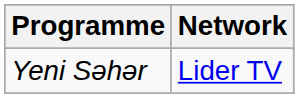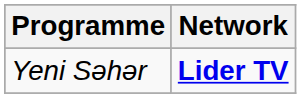 <table class="wikitable">
 <tr>
 <th>Programme</th>
 <th>Network</th>
 </tr>
 <tr>
 <td><em>Yeni Səhər</em></td>
-<td><a href='#'>Lider TV</a></td>
+<td><strong><a href='#'>Lider TV</a></strong></td>
 </tr>
 </table>
